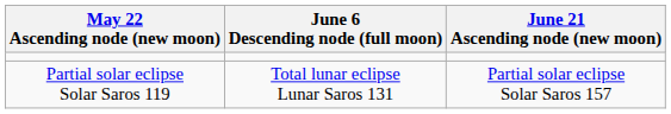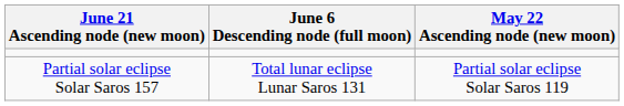 <table class="wikitable">
 <tr>
+<th><a href='#'>June 21</a><br>Ascending node (new moon)<br></th>
+<th>June 6<br>Descending node (full moon)<br></th>
 <th><a href='#'>May 22</a><br>Ascending node (new moon)<br></th>
-<th>June 6<br>Descending node (full moon)<br></th>
-<th><a href='#'>June 21</a><br>Ascending node (new moon)<br></th>
 </tr>
 <tr>
 <td></td>
 <td></td>
 <td></td>
 </tr>
 <tr align=center>
+<td><a href='#'>Partial solar eclipse</a><br>Solar Saros 157</td>
+<td><a href='#'>Total lunar eclipse</a><br>Lunar Saros 131</td>
 <td><a href='#'>Partial solar eclipse</a><br>Solar Saros 119</td>
-<td><a href='#'>Total lunar eclipse</a><br>Lunar Saros 131</td>
-<td><a href='#'>Partial solar eclipse</a><br>Solar Saros 157</td>
 </tr>
 </table>
